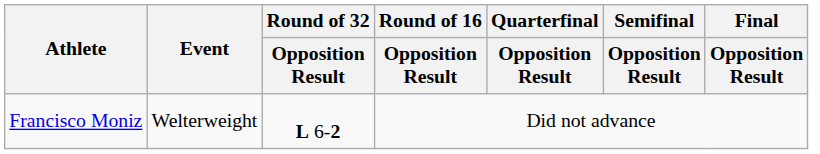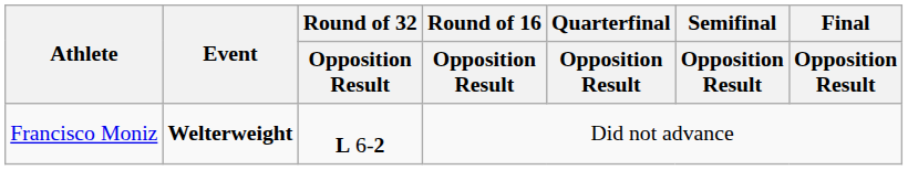 <table class=wikitable style=font-size:90%>
 <tr>
 <th rowspan=2>Athlete</th>
 <th rowspan=2>Event</th>
 <th>Round of 32</th>
 <th>Round of 16</th>
 <th>Quarterfinal</th>
 <th>Semifinal</th>
 <th>Final</th>
 </tr>
 <tr>
 <th>Opposition<br>Result</th>
 <th>Opposition<br>Result</th>
 <th>Opposition<br>Result</th>
 <th>Opposition<br>Result</th>
 <th>Opposition<br>Result</th>
 </tr>
 <tr>
 <td><a href='#'>Francisco Moniz</a></td>
-<td>Welterweight</td>
+<td><strong>Welterweight</strong></td>
 <td align=center><br><strong>L</strong> 6-<strong>2</strong></td>
 <td colspan=4 align=center>Did not advance</td>
 </tr>
 </table>
